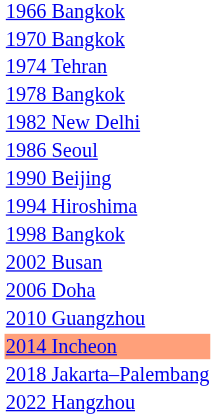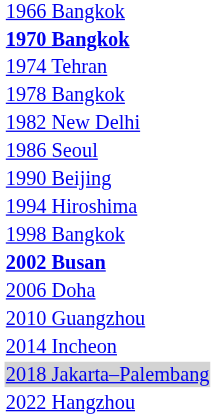 <table>
 <tr>
 <td><a href='#'>1966 Bangkok</a></td>
 <td></td>
 <td></td>
 <td></td>
 </tr>
 <tr>
-<td><a href='#'>1970 Bangkok</a></td>
+<td><strong><a href='#'>1970 Bangkok</a></strong></td>
 <td></td>
 <td></td>
 <td></td>
 </tr>
 <tr>
 <td><a href='#'>1974 Tehran</a></td>
 <td></td>
 <td></td>
 <td></td>
 </tr>
 <tr>
 <td><a href='#'>1978 Bangkok</a></td>
 <td></td>
 <td></td>
 <td></td>
 </tr>
 <tr>
 <td><a href='#'>1982 New Delhi</a></td>
 <td></td>
 <td></td>
 <td></td>
 </tr>
 <tr>
 <td><a href='#'>1986 Seoul</a></td>
 <td></td>
 <td></td>
 <td></td>
 </tr>
 <tr>
 <td><a href='#'>1990 Beijing</a></td>
 <td></td>
 <td></td>
 <td></td>
 </tr>
 <tr>
 <td><a href='#'>1994 Hiroshima</a></td>
 <td></td>
 <td></td>
 <td></td>
 </tr>
 <tr>
 <td><a href='#'>1998 Bangkok</a></td>
 <td></td>
 <td></td>
 <td></td>
 </tr>
 <tr>
-<td><a href='#'>2002 Busan</a></td>
+<td><strong><a href='#'>2002 Busan</a></strong></td>
 <td></td>
 <td></td>
 <td></td>
 </tr>
 <tr>
 <td><a href='#'>2006 Doha</a></td>
 <td></td>
 <td></td>
 <td></td>
 </tr>
 <tr>
 <td><a href='#'>2010 Guangzhou</a></td>
 <td></td>
 <td></td>
 <td></td>
 </tr>
 <tr>
-<td style="background: lightsalmon;"><a href='#'>2014 Incheon</a></td>
+<td><a href='#'>2014 Incheon</a></td>
 <td></td>
 <td></td>
 <td></td>
 </tr>
 <tr>
-<td><a href='#'>2018 Jakarta–Palembang</a></td>
+<td style="background: lightgrey;"><a href='#'>2018 Jakarta–Palembang</a></td>
 <td></td>
 <td></td>
 <td></td>
 </tr>
 <tr>
 <td><a href='#'>2022 Hangzhou</a></td>
 <td></td>
 <td></td>
 <td></td>
 </tr>
 </table>
